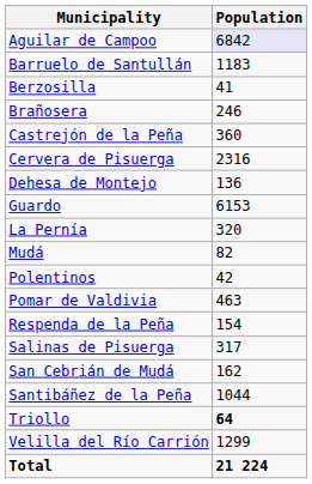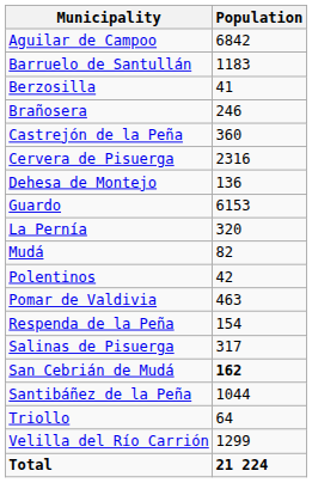 <table class="wikitable">
 <tr>
 <th colspan="1">Municipality</th>
 <th colspan="1">Population</th>
 </tr>
 <tr>
 <td><a href='#'>Aguilar de Campoo</a></td>
-<td style="background: lavender;">6842</td>
+<td>6842</td>
 </tr>
 <tr>
 <td><a href='#'>Barruelo de Santullán</a></td>
 <td>1183</td>
 </tr>
 <tr>
 <td><a href='#'>Berzosilla</a></td>
 <td>41</td>
 </tr>
 <tr>
 <td><a href='#'>Brañosera</a></td>
 <td>246</td>
 </tr>
 <tr>
 <td><a href='#'>Castrejón de la Peña</a></td>
 <td>360</td>
 </tr>
 <tr>
 <td><a href='#'>Cervera de Pisuerga</a></td>
 <td>2316</td>
 </tr>
 <tr>
 <td><a href='#'>Dehesa de Montejo</a></td>
 <td>136</td>
 </tr>
 <tr>
 <td><a href='#'>Guardo</a></td>
 <td>6153</td>
 </tr>
 <tr>
 <td><a href='#'>La Pernía</a></td>
 <td>320</td>
 </tr>
 <tr>
 <td><a href='#'>Mudá</a></td>
 <td>82</td>
 </tr>
 <tr>
 <td><a href='#'>Polentinos</a></td>
 <td>42</td>
 </tr>
 <tr>
 <td><a href='#'>Pomar de Valdivia</a></td>
 <td>463</td>
 </tr>
 <tr>
 <td><a href='#'>Respenda de la Peña</a></td>
 <td>154</td>
 </tr>
 <tr>
 <td><a href='#'>Salinas de Pisuerga</a></td>
 <td>317</td>
 </tr>
 <tr>
 <td><a href='#'>San Cebrián de Mudá</a></td>
-<td>162</td>
+<td><strong>162</strong></td>
 </tr>
 <tr>
 <td><a href='#'>Santibáñez de la Peña</a></td>
 <td>1044</td>
 </tr>
 <tr>
 <td><a href='#'>Triollo</a></td>
-<td><strong>64</strong></td>
+<td>64</td>
 </tr>
 <tr>
 <td><a href='#'>Velilla del Río Carrión</a></td>
 <td>1299</td>
 </tr>
 <tr>
 <td><strong>Total</strong></td>
 <td><strong>21 224</strong></td>
 </tr>
 </table>
